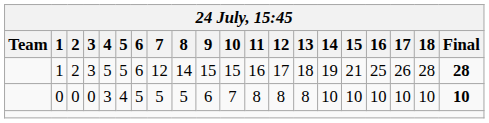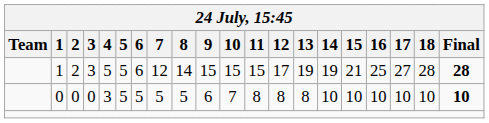 <table class=wikitable style="text-align:center; width: 55%">
 <tr>
 <th colspan=20><em>24 July, 15:45</em></th>
 </tr>
 <tr>
 <th>Team</th>
 <th>1</th>
 <th>2</th>
 <th>3</th>
 <th>4</th>
 <th>5</th>
 <th>6</th>
 <th>7</th>
 <th>8</th>
 <th>9</th>
 <th>10</th>
 <th>11</th>
 <th>12</th>
 <th>13</th>
 <th>14</th>
 <th>15</th>
 <th>16</th>
 <th>17</th>
 <th>18</th>
 <th>Final</th>
 </tr>
 <tr>
 <td align=left><strong></strong></td>
 <td>1</td>
 <td>2</td>
 <td>3</td>
 <td>5</td>
 <td>5</td>
 <td>6</td>
 <td>12</td>
 <td>14</td>
 <td>15</td>
 <td>15</td>
-<td>16</td>
+<td>15</td>
 <td>17</td>
-<td>18</td>
+<td>19</td>
 <td>19</td>
 <td>21</td>
 <td>25</td>
-<td>26</td>
+<td>27</td>
 <td>28</td>
 <td><strong>28</strong></td>
 </tr>
 <tr>
 <td align=left></td>
 <td>0</td>
 <td>0</td>
 <td>0</td>
 <td>3</td>
-<td>4</td>
+<td>5</td>
 <td>5</td>
 <td>5</td>
 <td>5</td>
 <td>6</td>
 <td>7</td>
 <td>8</td>
 <td>8</td>
 <td>8</td>
 <td>10</td>
 <td>10</td>
 <td>10</td>
 <td>10</td>
 <td>10</td>
 <td><strong>10</strong></td>
 </tr>
 <tr>
 <td colspan=20></td>
 </tr>
 </table>
